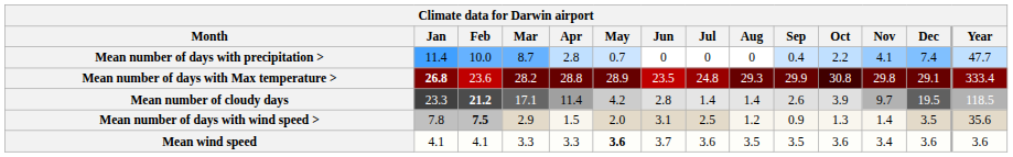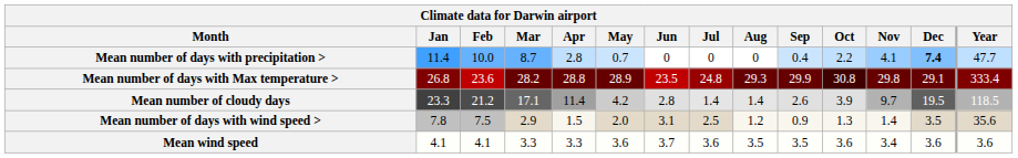 <table style="width:100%;text-align:center;line-height:1.2em;margin-left:auto;margin-right:auto" class="wikitable mw-collapsible">
 <tr>
 <th Colspan=14>Climate data for Darwin airport</th>
 </tr>
 <tr>
 <th>Month</th>
 <th>Jan</th>
 <th>Feb</th>
 <th>Mar</th>
 <th>Apr</th>
 <th>May</th>
 <th>Jun</th>
 <th>Jul</th>
 <th>Aug</th>
 <th>Sep</th>
 <th>Oct</th>
 <th>Nov</th>
 <th>Dec</th>
 <th style="border-left-width:medium">Year</th>
 </tr>
 <tr>
 <th>Mean number of days with precipitation > </th>
 <td style="background:#40A0FF;color:#000000;">11.4</td>
 <td style="background:#66B2FF;color:#000000;">10.0</td>
 <td style="background:#66B2FF;color:#000000;">8.7</td>
 <td style="background:#C0E0FF;color:#000000;">2.8</td>
 <td style="background:#CCE5FF;color:#000000;">0.7</td>
 <td style="background:#FFFFFF;color:#000000;">0</td>
 <td style="background:#FFFFFF;color:#000000;">0</td>
 <td style="background:#FFFFFF;color:#000000;">0</td>
 <td style="background:#CCE5FF;color:#000000;">0.4</td>
 <td style="background:#C0E0FF;color:#000000;">2.2</td>
 <td style="background:#99CCFF;color:#000000;">4.1</td>
-<td style="background:#80C0FF;color:#000000;">7.4</td>
+<td style="background:#80C0FF;color:#000000;"><strong>7.4</strong></td>
 <td style="background:#C0E0FF;color:#000000;border-left-width:medium">47.7</td>
 </tr>
 <tr>
 <th>Mean number of days with Max temperature > </th>
-<td style="background:#800000;color:#ffffff;"><strong>26.8</strong></td>
+<td style="background:#800000;color:#ffffff;">26.8</td>
 <td style="background:#C00000;color:#ffffff;">23.6</td>
 <td style="background:#660000;color:#ffffff;">28.2</td>
 <td style="background:#660000;color:#ffffff;">28.8</td>
 <td style="background:#660000;color:#ffffff;">28.9</td>
 <td style="background:#C00000;color:#ffffff;">23.5</td>
 <td style="background:#990000;color:#ffffff;">24.8</td>
 <td style="background:#660000;color:#ffffff;">29.3</td>
 <td style="background:#660000;color:#ffffff;">29.9</td>
 <td style="background:#400000;color:#ffffff;">30.8</td>
 <td style="background:#660000;color:#ffffff;">29.8</td>
 <td style="background:#660000;color:#ffffff;">29.1</td>
 <td style="background:#800000;color:#ffffff;border-left-width:medium">333.4</td>
 </tr>
 <tr>
 <th>Mean number of cloudy days</th>
 <td style="background:#404040;color:#ffffff;">23.3</td>
-<td style="background:#4C4C4C;color:#ffffff;"><strong>21.2</strong></td>
+<td style="background:#4C4C4C;color:#ffffff;">21.2</td>
 <td style="background:#666666;color:#ffffff;">17.1</td>
 <td style="background:#A0A0A0;color:#000000;">11.4</td>
 <td style="background:#CCCCCC;color:#000000;">4.2</td>
 <td style="background:#E0E0E0;color:#000000;">2.8</td>
 <td style="background:#E5E5E5;color:#000000;">1.4</td>
 <td style="background:#E5E5E5;color:#000000;">1.4</td>
 <td style="background:#E0E0E0;color:#000000;">2.6</td>
 <td style="background:#E0E0E0;color:#000000;">3.9</td>
 <td style="background:#B2B2B2;color:#000000;">9.7</td>
 <td style="background:#606060;color:#ffffff;">19.5</td>
 <td style="background:#B2B2B2;color:#ffffff;border-left-width:medium">118.5</td>
 </tr>
 <tr>
 <th>Mean number of days with wind speed > </th>
 <td style="background:#C0C0C0;color:#000000;">7.8</td>
-<td style="background:#C0C0C0;color:#000000;"><strong>7.5</strong></td>
+<td style="background:#C0C0C0;color:#000000;">7.5</td>
 <td style="background:#E3DAC9;color:#000000;">2.9</td>
 <td style="background:#F9F6EE;color:#000000;">1.5</td>
 <td style="background:#E3DAC9;color:#000000;">2.0</td>
 <td style="background:#E3DAC9;color:#000000;">3.1</td>
 <td style="background:#E3DAC9;color:#000000;">2.5</td>
 <td style="background:#F9F6EE;color:#000000;">1.2</td>
 <td style="background:#F9F6EE;color:#000000;">0.9</td>
 <td style="background:#F9F6EE;color:#000000;">1.3</td>
 <td style="background:#F9F6EE;color:#000000;">1.4</td>
 <td style="background:#E3DAC9;color:#000000;">3.5</td>
 <td style="background:#E3DAC9;color:#000000;border-left-width:medium">35.6</td>
 </tr>
 <tr>
 <th>Mean wind speed</th>
 <td style="background:#FEFEFA;color:#000000;">4.1</td>
 <td style="background:#FEFEFA;color:#000000;">4.1</td>
 <td style="background:#FEFEFA;color:#000000;">3.3</td>
 <td style="background:#FEFEFA;color:#000000;">3.3</td>
-<td style="background:#FEFEFA;color:#000000;"><strong>3.6</strong></td>
+<td style="background:#FEFEFA;color:#000000;">3.6</td>
 <td style="background:#FEFEFA;color:#000000;">3.7</td>
 <td style="background:#FEFEFA;color:#000000;">3.6</td>
 <td style="background:#FEFEFA;color:#000000;">3.5</td>
 <td style="background:#FEFEFA;color:#000000;">3.5</td>
 <td style="background:#FEFEFA;color:#000000;">3.6</td>
 <td style="background:#FEFEFA;color:#000000;">3.4</td>
 <td style="background:#FEFEFA;color:#000000;">3.6</td>
 <td style="background:#FEFEFA;color:#000000;border-left-width:medium">3.6</td>
 </tr>
 </table>
